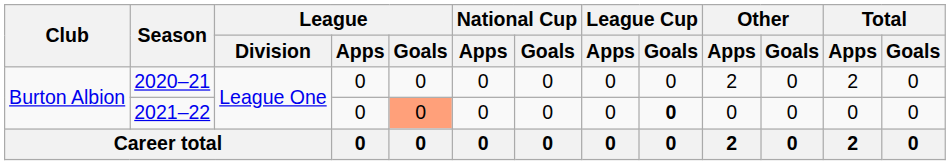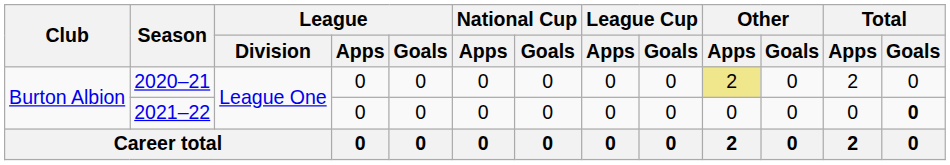 <table class="wikitable" style="text-align:center">
 <tr>
 <th rowspan="2">Club</th>
 <th rowspan="2">Season</th>
 <th colspan="3">League</th>
 <th colspan="2">National Cup</th>
 <th colspan="2">League Cup</th>
 <th colspan="2">Other</th>
 <th colspan="2">Total</th>
 </tr>
 <tr>
 <th>Division</th>
 <th>Apps</th>
 <th>Goals</th>
 <th>Apps</th>
 <th>Goals</th>
 <th>Apps</th>
 <th>Goals</th>
 <th>Apps</th>
 <th>Goals</th>
 <th>Apps</th>
 <th>Goals</th>
 </tr>
 <tr>
 <td rowspan="2"><a href='#'>Burton Albion</a></td>
 <td><a href='#'>2020–21</a></td>
 <td rowspan="2"><a href='#'>League One</a></td>
 <td>0</td>
 <td>0</td>
 <td>0</td>
 <td>0</td>
 <td>0</td>
 <td>0</td>
-<td>2</td>
+<td style="background: khaki;">2</td>
 <td>0</td>
 <td>2</td>
 <td>0</td>
 </tr>
 <tr>
 <td><a href='#'>2021–22</a></td>
 <td>0</td>
-<td style="background: lightsalmon;">0</td>
+<td>0</td>
+<td>0</td>
+<td>0</td>
+<td>0</td>
+<td>0</td>
 <td>0</td>
 <td>0</td>
 <td>0</td>
 <td><strong>0</strong></td>
-<td>0</td>
-<td>0</td>
-<td>0</td>
-<td>0</td>
 </tr>
 <tr>
 <th colspan="3">Career total</th>
 <th>0</th>
 <th>0</th>
 <th>0</th>
 <th>0</th>
 <th>0</th>
 <th>0</th>
 <th>2</th>
 <th>0</th>
 <th>2</th>
 <th>0</th>
 </tr>
 </table>
